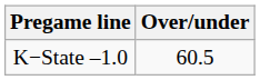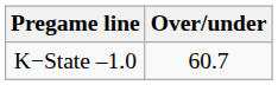 <table class="wikitable" style="margin-left: auto; margin-right: auto; border: none; display: inline-table;">
 <tr align="center">
 <th style=>Pregame line</th>
 <th style=>Over/under</th>
 </tr>
 <tr align="center">
 <td>K−State –1.0</td>
-<td>60.5</td>
+<td>60.7</td>
 </tr>
 </table>
